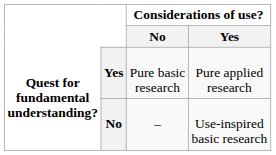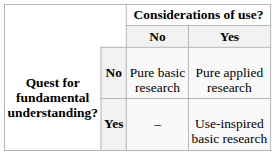 <table class="wikitable" border="0" style="text-align:center">
 <tr>
 <th colspan="2" style="background:white; border-width: 0;"> </th>
 <th colspan="2" style="background:white;">Considerations of use?</th>
 </tr>
 <tr>
 <th colspan="2" style="background:white; border-width: 0;"> </th>
 <th>No</th>
 <th>Yes</th>
 </tr>
 <tr>
 <th rowspan="2" style="background:white; border-width: 0;">Quest for<br>fundamental<br> understanding?</th>
-<th>Yes</th>
+<th>No</th>
 <td><br>Pure basic<br>research</td>
 <td><br>Pure applied<br>research</td>
 </tr>
 <tr>
-<th>No</th>
+<th>Yes</th>
 <td>–</td>
 <td><br>Use-inspired<br>basic research</td>
 </tr>
 </table>
